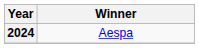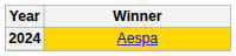 <table class="wikitable plainrowheaders" style="text-align:center">
 <tr>
 <th scope="col">Year</th>
 <th scope="col" width="200">Winner</th>
 </tr>
 <tr>
 <th scope="row">2024</th>
-<td><a href='#'>Aespa</a></td>
+<td style="background: gold;"><a href='#'>Aespa</a></td>
 </tr>
 <tr>
 </tr>
 </table>
